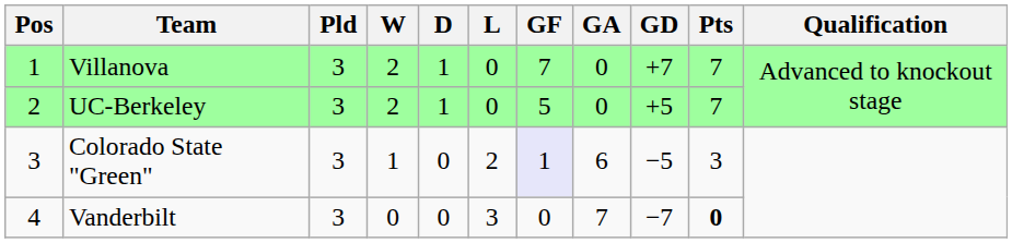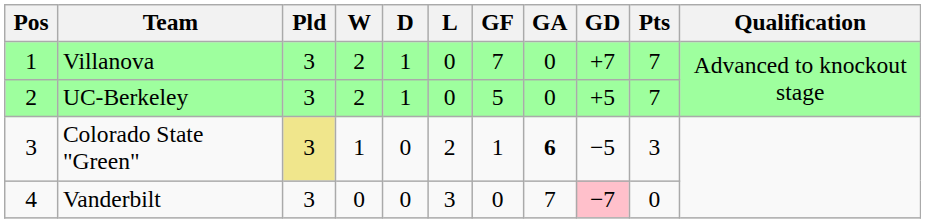 <table class="wikitable" style="text-align:center; margin: 1em auto">
 <tr>
 <th style="width:2em">Pos</th>
 <th style="width:13em">Team</th>
 <th style="width:2em">Pld</th>
 <th style="width:2em">W</th>
 <th style="width:2em">D</th>
 <th style="width:2em">L</th>
 <th style="width:2em">GF</th>
 <th style="width:2em">GA</th>
 <th style="width:2em">GD</th>
 <th style="width:2em">Pts</th>
 <th style="width:13em">Qualification</th>
 </tr>
 <tr bgcolor="#9eff9e">
 <td>1</td>
 <td style="text-align:left">Villanova</td>
 <td>3</td>
 <td>2</td>
 <td>1</td>
 <td>0</td>
 <td>7</td>
 <td>0</td>
 <td>+7</td>
 <td>7</td>
 <td rowspan="2">Advanced to knockout stage</td>
 </tr>
 <tr bgcolor="#9eff9e">
 <td>2</td>
 <td style="text-align:left">UC-Berkeley</td>
 <td>3</td>
 <td>2</td>
 <td>1</td>
 <td>0</td>
 <td>5</td>
 <td>0</td>
 <td>+5</td>
 <td>7</td>
 </tr>
 <tr>
 <td>3</td>
 <td style="text-align:left">Colorado State "Green"</td>
-<td>3</td>
+<td style="background: khaki;">3</td>
 <td>1</td>
 <td>0</td>
 <td>2</td>
-<td style="background: lavender;">1</td>
-<td>6</td>
+<td>1</td>
+<td><strong>6</strong></td>
 <td>−5</td>
 <td>3</td>
 </tr>
 <tr>
 <td>4</td>
 <td style="text-align:left">Vanderbilt</td>
 <td>3</td>
 <td>0</td>
 <td>0</td>
 <td>3</td>
 <td>0</td>
 <td>7</td>
-<td>−7</td>
-<td><strong>0</strong></td>
+<td style="background: pink;">−7</td>
+<td>0</td>
 </tr>
 </table>
